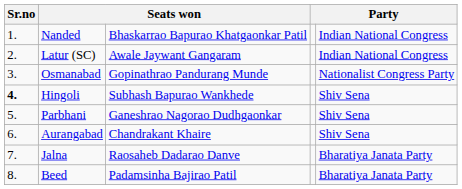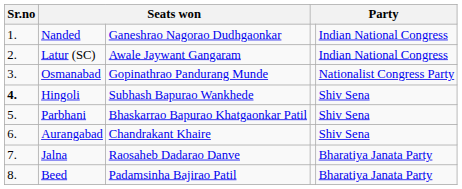 <table class="wikitable">
 <tr>
 <th>Sr.no</th>
 <th colspan="2">Seats won</th>
 <th colspan="2">Party</th>
 </tr>
 <tr>
 <td>1.</td>
 <td><a href='#'>Nanded</a></td>
-<td><a href='#'>Bhaskarrao Bapurao Khatgaonkar Patil</a></td>
+<td><a href='#'>Ganeshrao Nagorao Dudhgaonkar</a></td>
 <td style="background-color: "></td>
 <td><a href='#'>Indian National Congress</a></td>
 </tr>
 <tr>
 <td>2.</td>
 <td><a href='#'>Latur</a> (SC)</td>
 <td><a href='#'>Awale Jaywant Gangaram</a></td>
 <td style="background-color: "></td>
 <td><a href='#'>Indian National Congress</a></td>
 </tr>
 <tr>
 <td>3.</td>
 <td><a href='#'>Osmanabad</a></td>
 <td><a href='#'>Gopinathrao Pandurang Munde</a></td>
 <td style="background-color: "></td>
 <td><a href='#'>Nationalist Congress Party</a></td>
 </tr>
 <tr>
 <td><strong>4.</strong></td>
 <td><a href='#'>Hingoli</a></td>
 <td><a href='#'>Subhash Bapurao Wankhede</a></td>
 <td style="background-color: "></td>
 <td><a href='#'>Shiv Sena</a></td>
 </tr>
 <tr>
 <td>5.</td>
 <td><a href='#'>Parbhani</a></td>
-<td><a href='#'>Ganeshrao Nagorao Dudhgaonkar</a></td>
+<td><a href='#'>Bhaskarrao Bapurao Khatgaonkar Patil</a></td>
 <td style="background-color: "></td>
 <td><a href='#'>Shiv Sena</a></td>
 </tr>
 <tr>
 <td>6.</td>
 <td><a href='#'>Aurangabad</a></td>
 <td><a href='#'>Chandrakant Khaire</a></td>
 <td style="background-color: "></td>
 <td><a href='#'>Shiv Sena</a></td>
 </tr>
 <tr>
 <td>7.</td>
 <td><a href='#'>Jalna</a></td>
 <td><a href='#'>Raosaheb Dadarao Danve</a></td>
 <td style="background-color:"></td>
 <td><a href='#'>Bharatiya Janata Party</a></td>
 </tr>
 <tr>
 <td>8.</td>
 <td><a href='#'>Beed</a></td>
 <td><a href='#'>Padamsinha Bajirao Patil</a></td>
 <td style="background-color:"></td>
 <td><a href='#'>Bharatiya Janata Party</a></td>
 </tr>
 </table>
